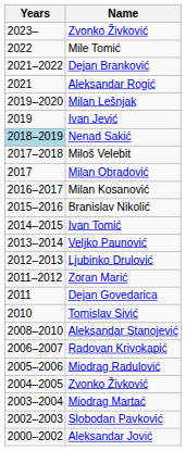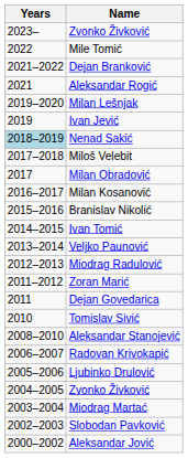 <table class="wikitable">
 <tr>
 <th>Years</th>
 <th>Name</th>
 </tr>
 <tr>
 <td>2023–</td>
 <td> <a href='#'>Zvonko Živković</a></td>
 </tr>
 <tr>
 <td>2022</td>
 <td> Mile Tomić</td>
 </tr>
 <tr>
 <td>2021–2022</td>
 <td> <a href='#'>Dejan Branković</a></td>
 </tr>
 <tr>
 <td>2021</td>
 <td> <a href='#'>Aleksandar Rogić</a></td>
 </tr>
 <tr>
 <td>2019–2020</td>
 <td> <a href='#'>Milan Lešnjak</a></td>
 </tr>
 <tr>
 <td>2019</td>
 <td> <a href='#'>Ivan Jević</a></td>
 </tr>
 <tr>
 <td style="background: lightblue;">2018–2019</td>
 <td> <a href='#'>Nenad Sakić</a></td>
 </tr>
 <tr>
 <td>2017–2018</td>
 <td> Miloš Velebit</td>
 </tr>
 <tr>
 <td>2017</td>
 <td> <a href='#'>Milan Obradović</a></td>
 </tr>
 <tr>
 <td>2016–2017</td>
 <td> Milan Kosanović</td>
 </tr>
 <tr>
 <td>2015–2016</td>
 <td> Branislav Nikolić</td>
 </tr>
 <tr>
 <td>2014–2015</td>
 <td> <a href='#'>Ivan Tomić</a></td>
 </tr>
 <tr>
 <td>2013–2014</td>
 <td> <a href='#'>Veljko Paunović</a></td>
 </tr>
 <tr>
 <td>2012–2013</td>
-<td> <a href='#'>Ljubinko Drulović</a></td>
+<td> <a href='#'>Miodrag Radulović</a></td>
 </tr>
 <tr>
 <td>2011–2012</td>
 <td> <a href='#'>Zoran Marić</a></td>
 </tr>
 <tr>
 <td>2011</td>
 <td> <a href='#'>Dejan Govedarica</a></td>
 </tr>
 <tr>
 <td>2010</td>
 <td> <a href='#'>Tomislav Sivić</a></td>
 </tr>
 <tr>
 <td>2008–2010</td>
 <td> <a href='#'>Aleksandar Stanojević</a></td>
 </tr>
 <tr>
 <td>2006–2007</td>
 <td> <a href='#'>Radovan Krivokapić</a></td>
 </tr>
 <tr>
 <td>2005–2006</td>
-<td> <a href='#'>Miodrag Radulović</a></td>
+<td> <a href='#'>Ljubinko Drulović</a></td>
 </tr>
 <tr>
 <td>2004–2005</td>
 <td> <a href='#'>Zvonko Živković</a></td>
 </tr>
 <tr>
 <td>2003–2004</td>
 <td> <a href='#'>Miodrag Martać</a></td>
 </tr>
 <tr>
 <td>2002–2003</td>
 <td> <a href='#'>Slobodan Pavković</a></td>
 </tr>
 <tr>
 <td>2000–2002</td>
 <td> <a href='#'>Aleksandar Jović</a></td>
 </tr>
 </table>
